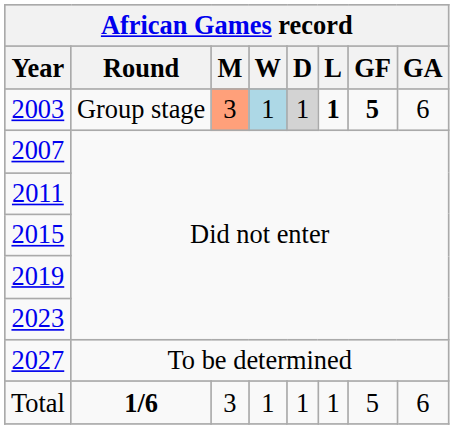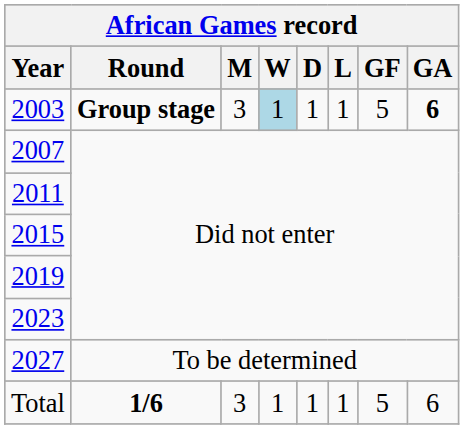 <table class="wikitable" style="text-align: center;">
 <tr>
 <th colspan=8><a href='#'>African Games</a> record</th>
 </tr>
 <tr>
 <th>Year</th>
 <th>Round</th>
 <th>M</th>
 <th>W</th>
 <th>D</th>
 <th>L</th>
 <th>GF</th>
 <th>GA</th>
 </tr>
 <tr>
 <td> <a href='#'>2003</a></td>
-<td>Group stage</td>
-<td style="background: lightsalmon;">3</td>
+<td><strong>Group stage</strong></td>
+<td>3</td>
 <td style="background: lightblue;">1</td>
-<td style="background: lightgrey;">1</td>
-<td><strong>1</strong></td>
-<td><strong>5</strong></td>
-<td>6</td>
+<td>1</td>
+<td>1</td>
+<td>5</td>
+<td><strong>6</strong></td>
 </tr>
 <tr>
 <td> <a href='#'>2007</a></td>
 <td colspan=8 rowspan=5>Did not enter</td>
 </tr>
 <tr>
 <td> <a href='#'>2011</a></td>
 </tr>
 <tr>
 <td> <a href='#'>2015</a></td>
 </tr>
 <tr>
 <td> <a href='#'>2019</a></td>
 </tr>
 <tr>
 <td> <a href='#'>2023</a></td>
 </tr>
 <tr>
 <td> <a href='#'>2027</a></td>
 <td colspan=8>To be determined</td>
 </tr>
 <tr>
 <td>Total</td>
 <td><strong>1/6</strong></td>
 <td>3</td>
 <td>1</td>
 <td>1</td>
 <td>1</td>
 <td>5</td>
 <td>6</td>
 </tr>
 </table>
